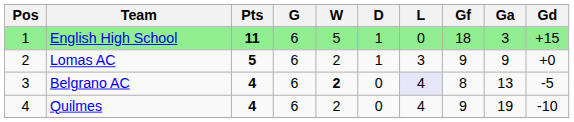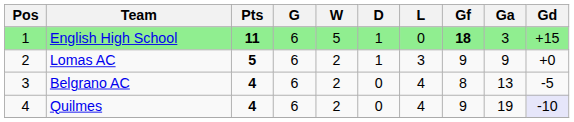 <table class="wikitable" style="text-align:center">
 <tr>
 <th width=40px>Pos</th>
 <th width=200px>Team</th>
 <th width=40px>Pts</th>
 <th width=40px>G</th>
 <th width=40px>W</th>
 <th width=40px>D</th>
 <th width=40px>L</th>
 <th width=40px>Gf</th>
 <th width=40px>Ga</th>
 <th width=40px>Gd</th>
 </tr>
 <tr align=center bgcolor="lightgreen">
 <td>1</td>
 <td align=left><a href='#'>English High School</a></td>
 <td><strong>11</strong></td>
 <td>6</td>
 <td>5</td>
 <td>1</td>
 <td>0</td>
-<td>18</td>
+<td><strong>18</strong></td>
 <td>3</td>
 <td>+15</td>
 </tr>
 <tr>
 <td>2</td>
 <td align=left><a href='#'>Lomas AC</a></td>
 <td><strong>5</strong></td>
 <td>6</td>
 <td>2</td>
 <td>1</td>
 <td>3</td>
 <td>9</td>
 <td>9</td>
 <td>+0</td>
 </tr>
 <tr>
 <td>3</td>
 <td align=left><a href='#'>Belgrano AC</a></td>
 <td><strong>4</strong></td>
 <td>6</td>
-<td><strong>2</strong></td>
+<td>2</td>
 <td>0</td>
-<td style="background: lavender;">4</td>
+<td>4</td>
 <td>8</td>
 <td>13</td>
 <td>-5</td>
 </tr>
 <tr>
 <td>4</td>
 <td align=left><a href='#'>Quilmes</a></td>
 <td><strong>4</strong></td>
 <td>6</td>
 <td>2</td>
 <td>0</td>
 <td>4</td>
 <td>9</td>
 <td>19</td>
-<td>-10</td>
+<td style="background: lavender;">-10</td>
 </tr>
 <tr>
 </tr>
 </table>
